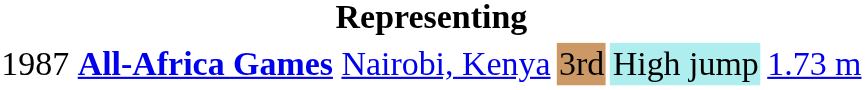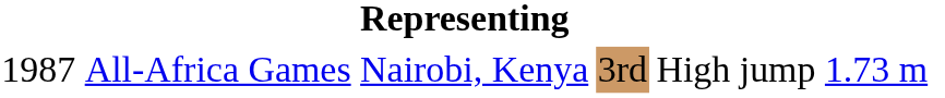 <table>
 <tr>
 <th colspan="6">Representing </th>
 </tr>
 <tr>
 <td>1987</td>
-<td><strong><a href='#'>All-Africa Games</a></strong></td>
+<td><a href='#'>All-Africa Games</a></td>
 <td><a href='#'>Nairobi, Kenya</a></td>
 <td bgcolor="cc9966">3rd</td>
-<td style="background: paleturquoise;">High jump</td>
+<td>High jump</td>
 <td><a href='#'>1.73 m</a></td>
 </tr>
 </table>
